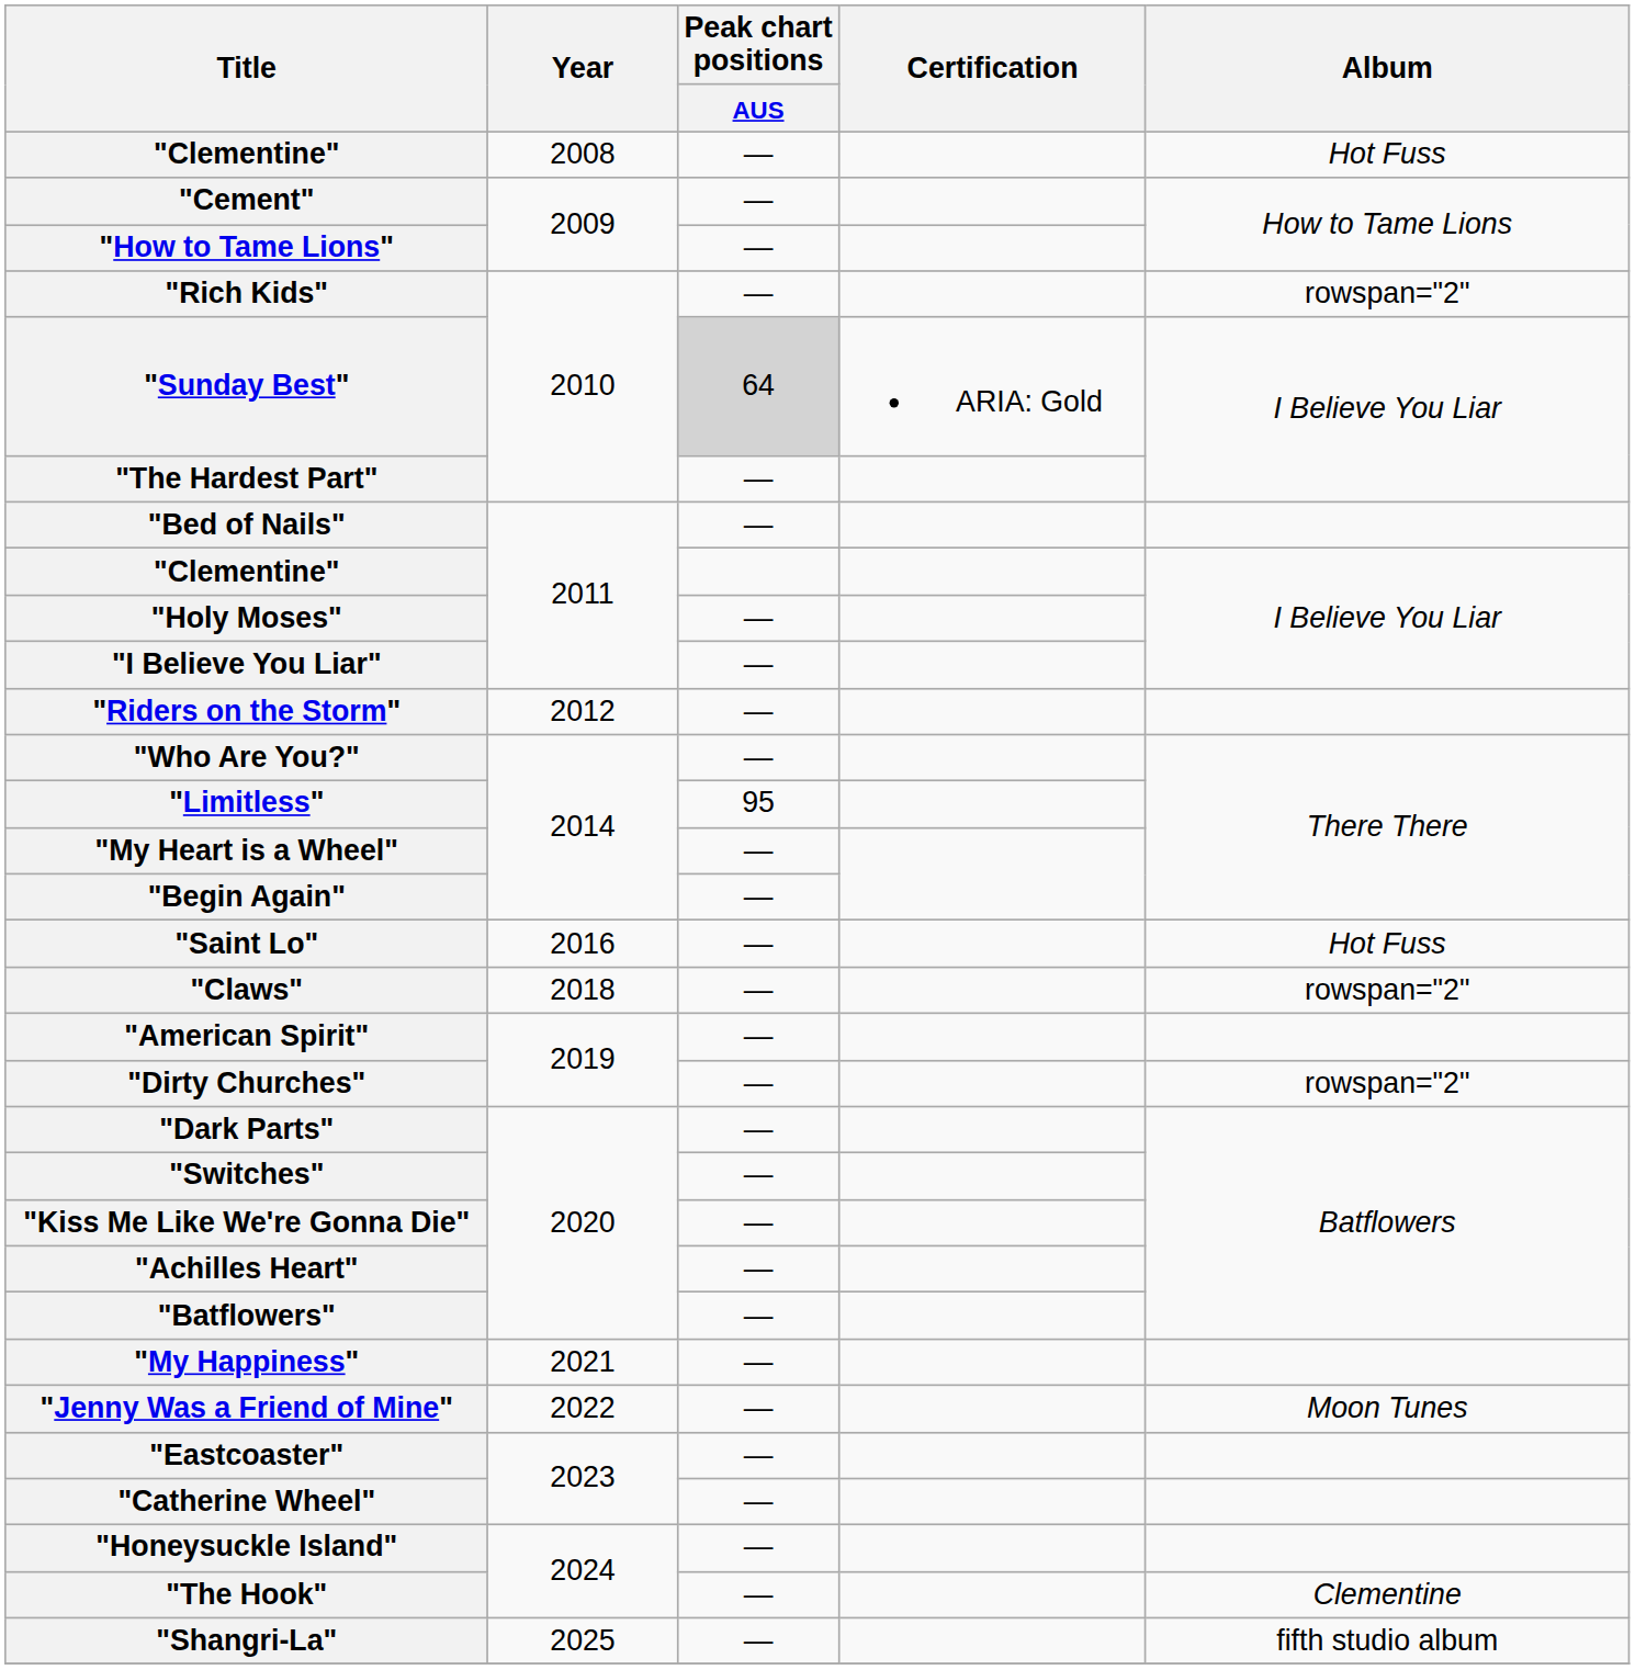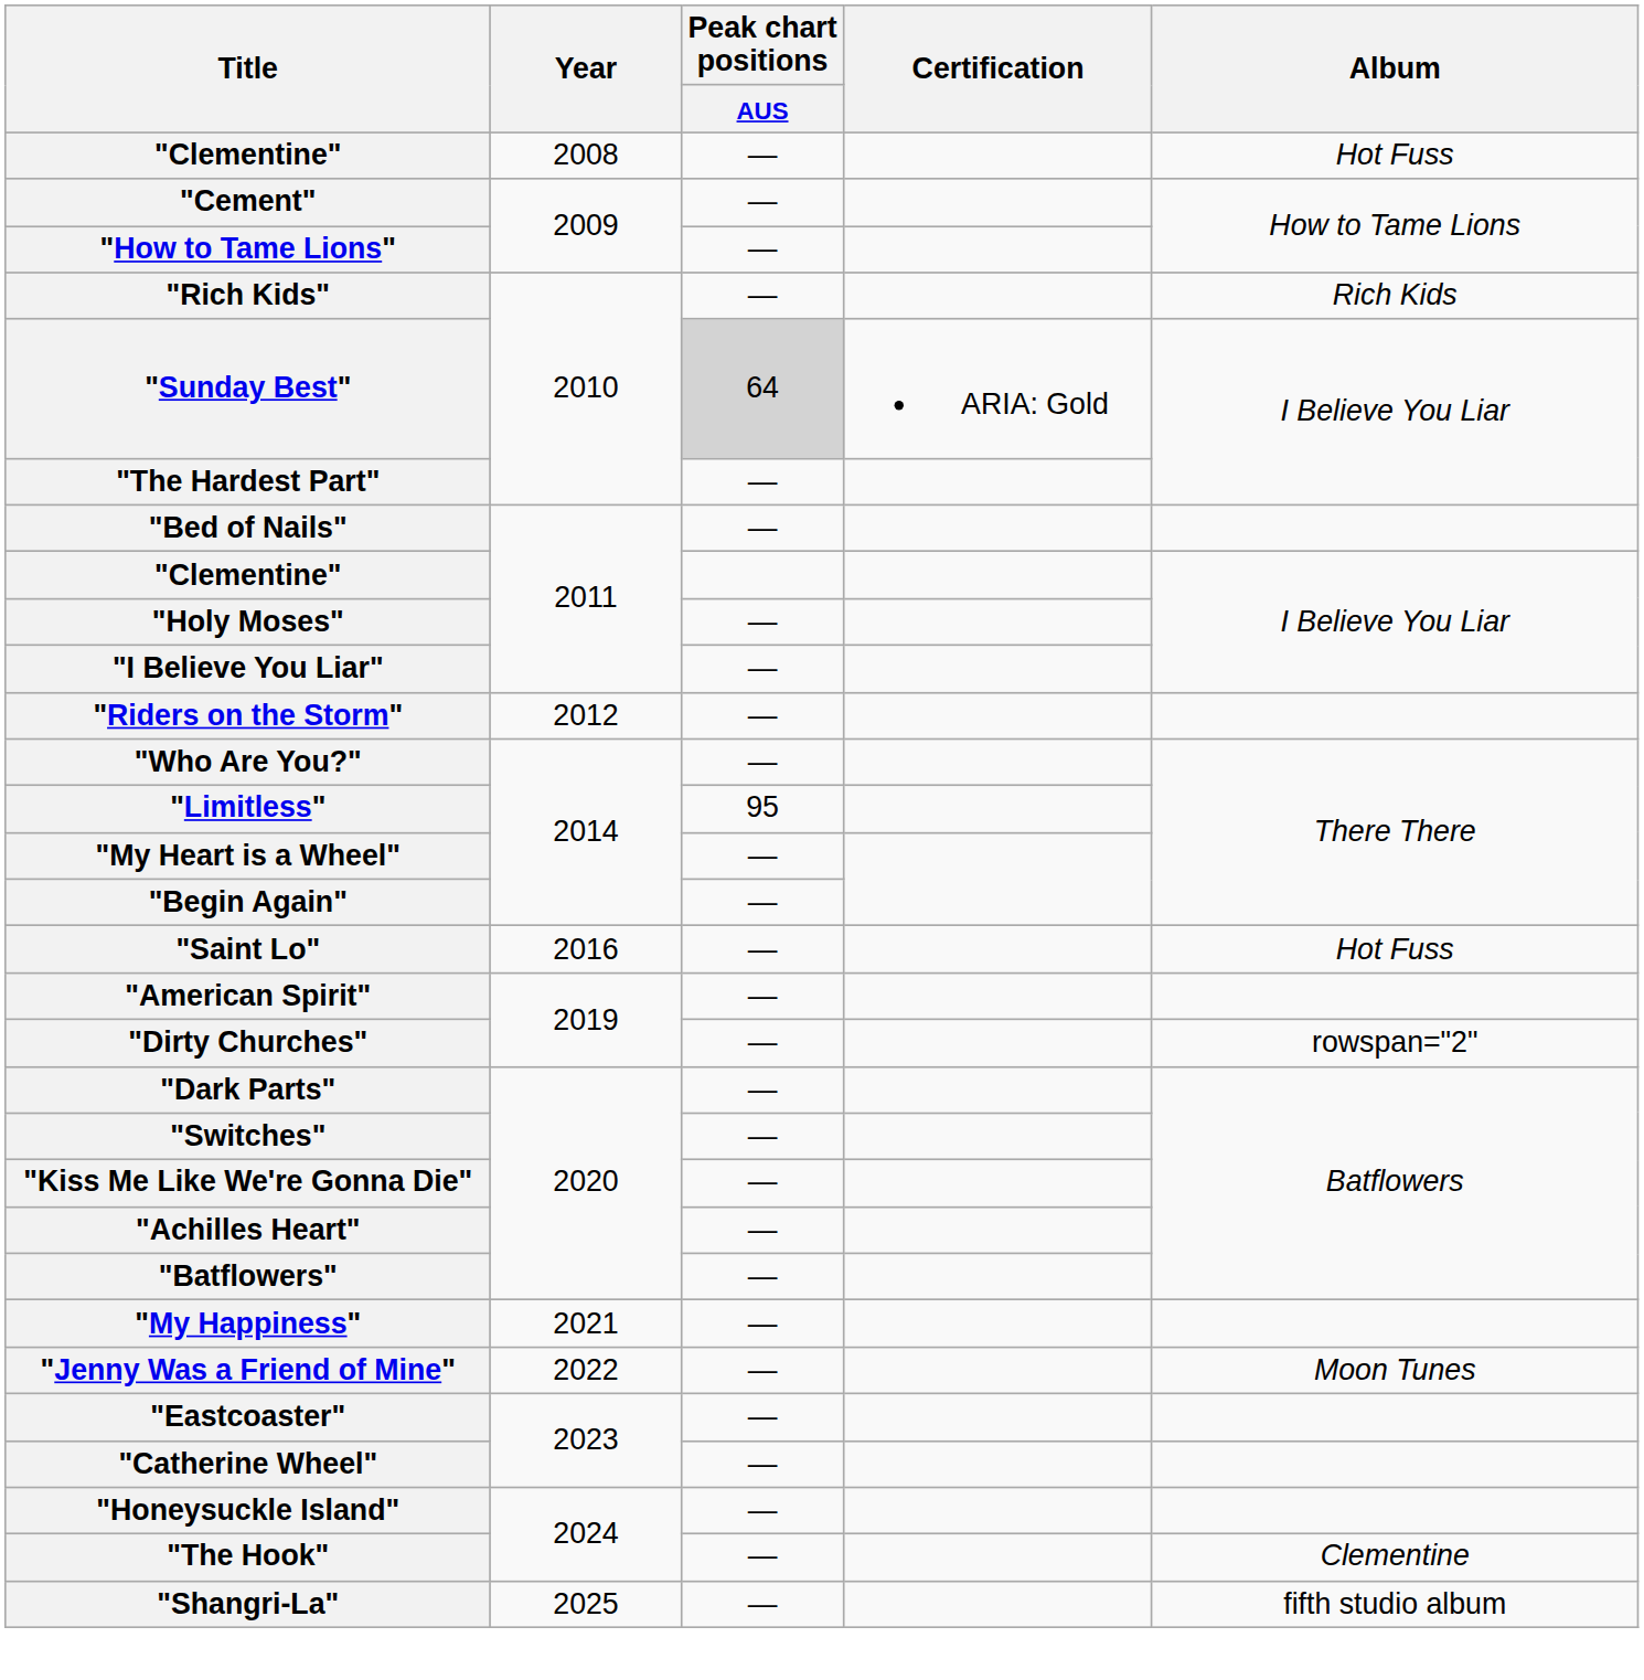 <table class="wikitable plainrowheaders" style="text-align:center;" border="1">
 <tr>
 <th scope="col" rowspan="2" style="width:16em;">Title</th>
 <th scope="col" rowspan="2" style="width:6em;">Year</th>
 <th scope="col" colspan="1">Peak chart<br>positions</th>
 <th scope="col" rowspan="2" style="width:10em;">Certification</th>
 <th scope="col" rowspan="2" style="width:16em;">Album</th>
 </tr>
 <tr>
 <th scope="col" style="text-align:center;"><small><a href='#'>AUS</a><br></small></th>
 </tr>
 <tr>
 <th scope="row">"Clementine"</th>
 <td>2008</td>
 <td>—</td>
 <td></td>
 <td><em>Hot Fuss</em></td>
 </tr>
 <tr>
 <th scope="row">"Cement"</th>
 <td rowspan="2">2009</td>
 <td>—</td>
 <td></td>
 <td rowspan="2"><em>How to Tame Lions</em></td>
 </tr>
 <tr>
 <th scope="row">"<a href='#'>How to Tame Lions</a>"</th>
 <td>—</td>
 <td></td>
 </tr>
 <tr>
 <th scope="row">"Rich Kids"</th>
 <td rowspan="3">2010</td>
 <td>—</td>
 <td></td>
-<td>rowspan="2" </td>
+<td><em>Rich Kids</em></td>
 </tr>
 <tr>
 <th scope="row">"<a href='#'>Sunday Best</a>"</th>
 <td style="background: lightgrey;">64</td>
 <td><br><ul><li>ARIA: Gold</li></ul></td>
 <td rowspan="2"><em>I Believe You Liar</em></td>
 </tr>
 <tr>
 <th scope="row">"The Hardest Part"</th>
 <td>—</td>
 <td></td>
 </tr>
 <tr>
 <th scope="row">"Bed of Nails"</th>
 <td rowspan="4">2011</td>
 <td>—</td>
 <td></td>
 <td></td>
 </tr>
 <tr>
 <th scope="row">"Clementine" <br></th>
 <td></td>
 <td></td>
 <td rowspan="3"><em>I Believe You Liar</em></td>
 </tr>
 <tr>
 <th scope="row">"Holy Moses"</th>
 <td>—</td>
 <td></td>
 </tr>
 <tr>
 <th scope="row">"I Believe You Liar"</th>
 <td>—</td>
 <td></td>
 </tr>
 <tr>
 <th scope="row">"<a href='#'>Riders on the Storm</a>"</th>
 <td>2012</td>
 <td>—</td>
 <td></td>
 <td></td>
 </tr>
 <tr>
 <th scope="row">"Who Are You?"</th>
 <td rowspan="4">2014</td>
 <td>—</td>
 <td></td>
 <td rowspan="4"><em>There There</em></td>
 </tr>
 <tr>
 <th scope="row">"<a href='#'>Limitless</a>"</th>
 <td>95</td>
 <td></td>
 </tr>
 <tr>
 <th scope="row">"My Heart is a Wheel"</th>
 <td>—</td>
 </tr>
 <tr>
 <th scope="row">"Begin Again"</th>
 <td>—</td>
 </tr>
 <tr>
 <th scope="row">"Saint Lo"</th>
 <td>2016</td>
 <td>—</td>
 <td></td>
 <td><em>Hot Fuss</em></td>
-</tr>
-<tr>
-<th scope="row">"Claws"</th>
-<td>2018</td>
-<td>—</td>
-<td></td>
-<td>rowspan="2" </td>
 </tr>
 <tr>
 <th scope="row">"American Spirit"</th>
 <td rowspan="2">2019</td>
 <td>—</td>
 <td></td>
 </tr>
 <tr>
 <th scope="row">"Dirty Churches"</th>
 <td>—</td>
 <td></td>
 <td>rowspan="2" </td>
 </tr>
 <tr>
 <th scope="row">"Dark Parts"</th>
 <td rowspan="5">2020</td>
 <td>—</td>
 <td></td>
 <td rowspan="5"><em>Batflowers</em></td>
 </tr>
 <tr>
 <th scope="row">"Switches"</th>
 <td>—</td>
 <td></td>
 </tr>
 <tr>
 <th scope="row">"Kiss Me Like We're Gonna Die"</th>
 <td>—</td>
 <td></td>
 </tr>
 <tr>
 <th scope="row">"Achilles Heart"</th>
 <td>—</td>
 <td></td>
 </tr>
 <tr>
 <th scope="row">"Batflowers"</th>
 <td>—</td>
 <td></td>
 </tr>
 <tr>
 <th scope="row">"<a href='#'>My Happiness</a>"</th>
 <td>2021</td>
 <td>—</td>
 <td></td>
 <td></td>
 </tr>
 <tr>
 <th scope="row">"<a href='#'>Jenny Was a Friend of Mine</a>"</th>
 <td>2022</td>
 <td>—</td>
 <td></td>
 <td><em>Moon Tunes</em></td>
 </tr>
 <tr>
 <th scope="row">"Eastcoaster"</th>
 <td rowspan="2">2023</td>
 <td>—</td>
 <td></td>
 <td></td>
 </tr>
 <tr>
 <th scope="row">"Catherine Wheel"<br></th>
 <td>—</td>
 <td></td>
 <td></td>
 </tr>
 <tr>
 <th scope="row">"Honeysuckle Island"</th>
 <td rowspan="2">2024</td>
 <td>—</td>
 <td></td>
 <td></td>
 </tr>
 <tr>
 <th scope="row">"The Hook"</th>
 <td>—</td>
 <td></td>
 <td><em>Clementine</em></td>
 </tr>
 <tr>
 <th scope="row">"Shangri-La"</th>
 <td>2025</td>
 <td>—</td>
 <td></td>
 <td>fifth studio album</td>
 </tr>
 <tr>
 </tr>
 </table>
